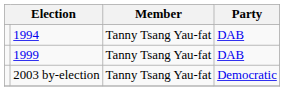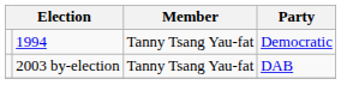 <table class="wikitable">
 <tr>
 <th colspan="2">Election</th>
 <th>Member</th>
 <th>Party</th>
 </tr>
 <tr>
 <td style="background-color: "></td>
 <td><a href='#'>1994</a></td>
 <td>Tanny Tsang Yau-fat</td>
-<td><a href='#'>DAB</a></td>
-</tr>
-<tr>
-<td style="background-color: "></td>
-<td><a href='#'>1999</a></td>
-<td>Tanny Tsang Yau-fat</td>
-<td><a href='#'>DAB</a></td>
+<td><a href='#'>Democratic</a></td>
 </tr>
 <tr>
 <td style="background-color: "></td>
 <td>2003 by-election</td>
 <td>Tanny Tsang Yau-fat</td>
-<td><a href='#'>Democratic</a></td>
+<td><a href='#'>DAB</a></td>
 </tr>
 <tr>
 </tr>
 </table>
